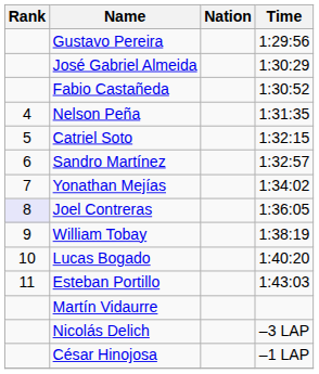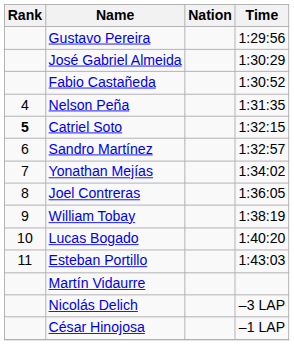 <table class="wikitable" style="text-align:center">
 <tr>
 <th>Rank</th>
 <th>Name</th>
 <th>Nation</th>
 <th>Time</th>
 </tr>
 <tr>
 <td></td>
 <td align=left><a href='#'>Gustavo Pereira</a></td>
 <td align=left></td>
 <td>1:29:56</td>
 </tr>
 <tr>
 <td></td>
 <td align=left><a href='#'>José Gabriel Almeida</a></td>
 <td align=left></td>
 <td>1:30:29</td>
 </tr>
 <tr>
 <td></td>
 <td align=left><a href='#'>Fabio Castañeda</a></td>
 <td align=left></td>
 <td>1:30:52</td>
 </tr>
 <tr>
 <td>4</td>
 <td align=left><a href='#'>Nelson Peña</a></td>
 <td align=left></td>
 <td>1:31:35</td>
 </tr>
 <tr>
-<td>5</td>
+<td><strong>5</strong></td>
 <td align=left><a href='#'>Catriel Soto</a></td>
 <td align=left></td>
 <td>1:32:15</td>
 </tr>
 <tr>
 <td>6</td>
 <td align=left><a href='#'>Sandro Martínez</a></td>
 <td align=left></td>
 <td>1:32:57</td>
 </tr>
 <tr>
 <td>7</td>
 <td align=left><a href='#'>Yonathan Mejías</a></td>
 <td align=left></td>
 <td>1:34:02</td>
 </tr>
 <tr>
-<td style="background: lavender;">8</td>
+<td>8</td>
 <td align=left><a href='#'>Joel Contreras</a></td>
 <td align=left></td>
 <td>1:36:05</td>
 </tr>
 <tr>
 <td>9</td>
 <td align=left><a href='#'>William Tobay</a></td>
 <td align=left></td>
 <td>1:38:19</td>
 </tr>
 <tr>
 <td>10</td>
 <td align=left><a href='#'>Lucas Bogado</a></td>
 <td align=left></td>
 <td>1:40:20</td>
 </tr>
 <tr>
 <td>11</td>
 <td align=left><a href='#'>Esteban Portillo</a></td>
 <td align=left></td>
 <td>1:43:03</td>
 </tr>
 <tr>
 <td></td>
 <td align=left><a href='#'>Martín Vidaurre</a></td>
 <td align=left></td>
 <td></td>
 </tr>
 <tr>
 <td></td>
 <td align=left><a href='#'>Nicolás Delich</a></td>
 <td align=left></td>
 <td>–3 LAP</td>
 </tr>
 <tr>
 <td></td>
 <td align=left><a href='#'>César Hinojosa</a></td>
 <td align=left></td>
 <td>–1 LAP</td>
 </tr>
 <tr>
 </tr>
 </table>
